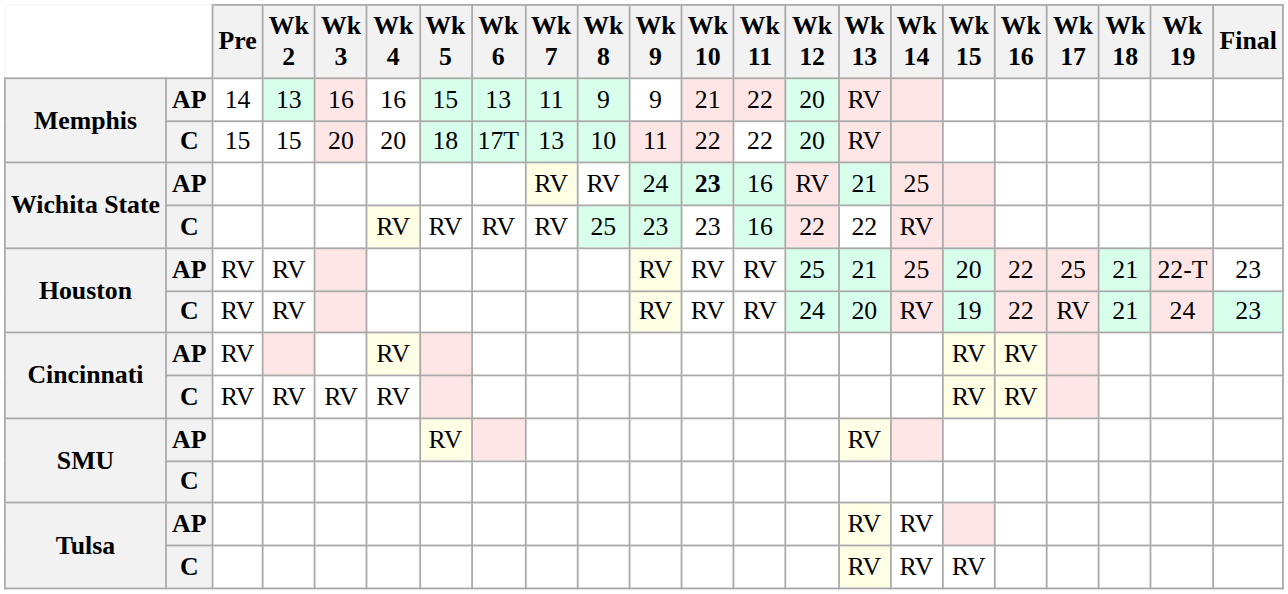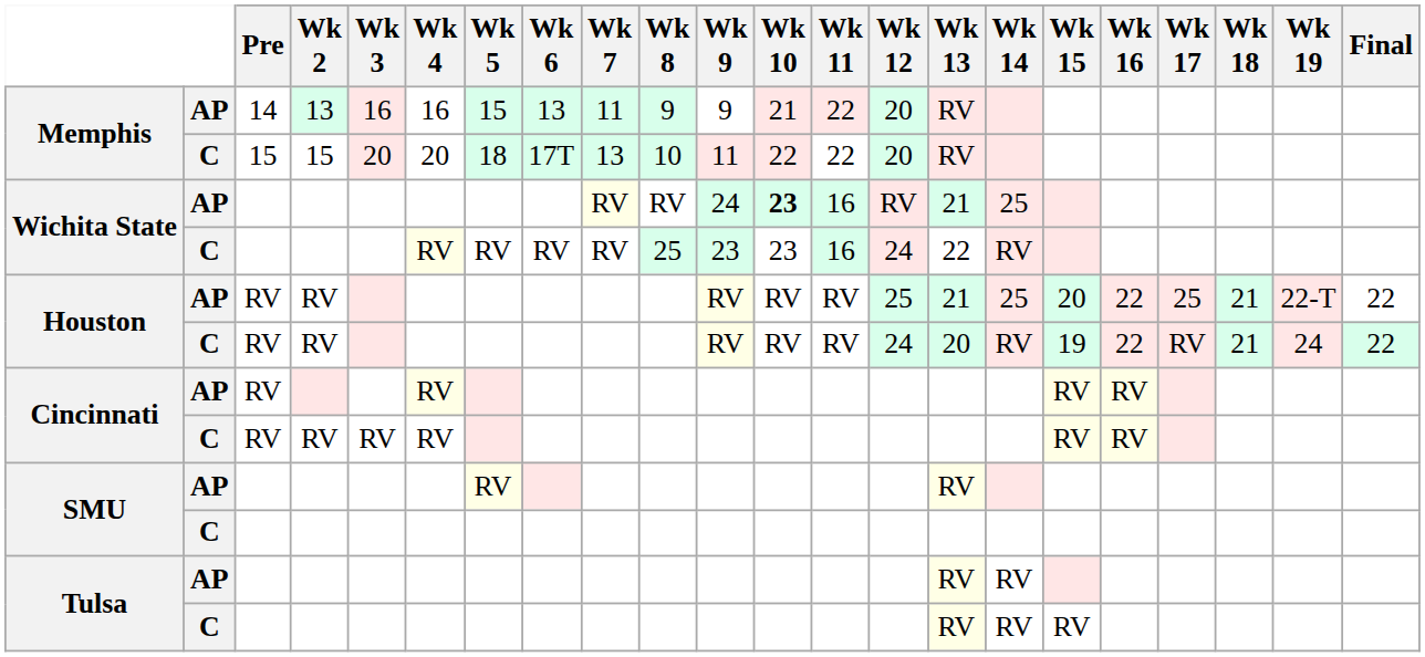 <table class="wikitable" style="white-space:nowrap;font-size:90%;">
 <tr>
 <th colspan=2 style="background:white; border-top-style:hidden; border-left-style:hidden;"> </th>
 <th>Pre</th>
 <th>Wk<br>2</th>
 <th>Wk<br>3</th>
 <th>Wk<br>4</th>
 <th>Wk<br>5</th>
 <th>Wk<br>6</th>
 <th>Wk<br>7</th>
 <th>Wk<br>8</th>
 <th>Wk<br>9</th>
 <th>Wk<br>10</th>
 <th>Wk<br>11</th>
 <th>Wk<br>12</th>
 <th>Wk<br>13</th>
 <th>Wk<br>14</th>
 <th>Wk<br>15</th>
 <th>Wk<br>16</th>
 <th>Wk<br>17</th>
 <th>Wk<br>18</th>
 <th>Wk<br>19</th>
 <th>Final</th>
 </tr>
 <tr style="text-align:center;">
 <th rowspan=2 style=>Memphis</th>
 <th>AP</th>
 <td style="background:#FFF;">14</td>
 <td style="background:#D8FFEB;">13</td>
 <td style="background:#FFE6E6;">16</td>
 <td style="background:#FFF;">16</td>
 <td style="background:#D8FFEB;">15</td>
 <td style="background:#D8FFEB;">13</td>
 <td style="background:#D8FFEB;">11</td>
 <td style="background:#D8FFEB;">9</td>
 <td style="background:#FFF;">9</td>
 <td style="background:#FFE6E6;">21</td>
 <td style="background:#FFE6E6;">22</td>
 <td style="background:#D8FFEB;">20</td>
 <td style="background:#FFE6E6;">RV</td>
 <td style="background:#FFE6E6;"></td>
 <td style="background:#FFF;"></td>
 <td style="background:#FFF;"></td>
 <td style="background:#FFF;"></td>
 <td style="background:#FFF;"></td>
 <td style="background:#FFF;"></td>
 <td style="background:#FFF;"></td>
 </tr>
 <tr style="text-align:center;">
 <th>C</th>
 <td style="background:#FFF;"> 15</td>
 <td style="background:#FFF;">15</td>
 <td style="background:#FFE6E6;">20</td>
 <td style="background:#FFF;">20</td>
 <td style="background:#D8FFEB;">18</td>
 <td style="background:#D8FFEB;">17T</td>
 <td style="background:#D8FFEB;">13</td>
 <td style="background:#D8FFEB;">10</td>
 <td style="background:#FFE6E6;">11</td>
 <td style="background:#FFE6E6;">22</td>
 <td style="background:#FFF;">22</td>
 <td style="background:#D8FFEB;">20</td>
 <td style="background:#FFE6E6;">RV</td>
 <td style="background:#FFE6E6;"></td>
 <td style="background:#FFF;"></td>
 <td style="background:#FFF;"></td>
 <td style="background:#FFF;"></td>
 <td style="background:#FFF;"></td>
 <td style="background:#FFF;"></td>
 <td style="background:#FFF;"></td>
 </tr>
 <tr style="text-align:center;">
 <th rowspan=2 style=>Wichita State</th>
 <th>AP</th>
 <td style="background:#FFF;"></td>
 <td style="background:#FFF;"></td>
 <td style="background:#FFF;"></td>
 <td style="background:#FFF;"></td>
 <td style="background:#FFF;"></td>
 <td style="background:#FFF;"></td>
 <td style="background:#FFFFE6;">RV</td>
 <td style="background:#FFF;">RV</td>
 <td style="background:#D8FFEB;">24</td>
 <td style="background:#D8FFEB;"><strong>23</strong></td>
 <td style="background:#D8FFEB;">16</td>
 <td style="background:#FFE6E6;">RV</td>
 <td style="background:#D8FFEB;">21</td>
 <td style="background:#FFE6E6;">25</td>
 <td style="background:#FFE6E6;"></td>
 <td style="background:#FFF;"></td>
 <td style="background:#FFF;"></td>
 <td style="background:#FFF;"></td>
 <td style="background:#FFF;"></td>
 <td style="background:#FFF;"></td>
 </tr>
 <tr style="text-align:center;">
 <th>C</th>
 <td style="background:#FFF;"></td>
 <td style="background:#FFF;"></td>
 <td style="background:#FFF;"></td>
 <td style="background:#FFFFE6;">RV</td>
 <td style="background:#FFF;">RV</td>
 <td style="background:#FFF;">RV</td>
 <td style="background:#FFF;">RV</td>
 <td style="background:#D8FFEB;">25</td>
 <td style="background:#D8FFEB;">23</td>
 <td style="background:#FFF;">23</td>
 <td style="background:#D8FFEB;">16</td>
-<td style="background:#FFE6E6;">22</td>
+<td style="background:#FFE6E6;">24</td>
 <td style="background:#FFF;">22</td>
 <td style="background:#FFE6E6;">RV</td>
 <td style="background:#FFE6E6;"></td>
 <td style="background:#FFF;"></td>
 <td style="background:#FFF;"></td>
 <td style="background:#FFF;"></td>
 <td style="background:#FFF;"></td>
 <td style="background:#FFF;"></td>
 </tr>
 <tr style="text-align:center;">
 <th rowspan=2 style=>Houston</th>
 <th>AP</th>
 <td style="background:#FFF;"> RV</td>
 <td style="background:#FFF;"> RV</td>
 <td style="background:#FFE6E6;"></td>
 <td style="background:#FFF;"></td>
 <td style="background:#FFF;"></td>
 <td style="background:#FFF;"></td>
 <td style="background:#FFF;"></td>
 <td style="background:#FFF;"></td>
 <td style="background:#FFFFE6;">RV</td>
 <td style="background:#FFF;">RV</td>
 <td style="background:#FFF;">RV</td>
 <td style="background:#D8FFEB;">25</td>
 <td style="background:#D8FFEB;">21</td>
 <td style="background:#FFE6E6;">25</td>
 <td style="background:#D8FFEB;">20</td>
 <td style="background:#FFE6E6;">22</td>
 <td style="background:#FFE6E6;">25</td>
 <td style="background:#D8FFEB;">21</td>
 <td style="background:#FFE6E6;">22-T</td>
-<td style="background:#FFF;">23</td>
+<td style="background:#FFF;">22</td>
 </tr>
 <tr style="text-align:center;">
 <th>C</th>
 <td style="background:#FFF;">RV</td>
 <td style="background:#FFF;">RV</td>
 <td style="background:#FFE6E6;"></td>
 <td style="background:#FFF;"></td>
 <td style="background:#FFF;"></td>
 <td style="background:#FFF;"></td>
 <td style="background:#FFF;"></td>
 <td style="background:#FFF;"></td>
 <td style="background:#FFFFE6;">RV</td>
 <td style="background:#FFF;">RV</td>
 <td style="background:#FFF;">RV</td>
 <td style="background:#D8FFEB;">24</td>
 <td style="background:#D8FFEB;">20</td>
 <td style="background:#FFE6E6;">RV</td>
 <td style="background:#D8FFEB;">19</td>
 <td style="background:#FFE6E6;">22</td>
 <td style="background:#FFE6E6;">RV</td>
 <td style="background:#D8FFEB;">21</td>
 <td style="background:#FFE6E6;">24</td>
-<td style="background:#D8FFEB;">23</td>
+<td style="background:#D8FFEB;">22</td>
 </tr>
 <tr style="text-align:center;">
 <th rowspan=2 style=>Cincinnati</th>
 <th>AP</th>
 <td style="background:#FFF;"> RV</td>
 <td style="background:#FFE6E6;"></td>
 <td style="background:#FFF;"></td>
 <td style="background:#FFFFE6;">RV</td>
 <td style="background:#FFE6E6;"></td>
 <td style="background:#FFF;"></td>
 <td style="background:#FFF;"></td>
 <td style="background:#FFF;"></td>
 <td style="background:#FFF;"></td>
 <td style="background:#FFF;"></td>
 <td style="background:#FFF;"></td>
 <td style="background:#FFF;"></td>
 <td style="background:#FFF;"></td>
 <td style="background:#FFF;"></td>
 <td style="background:#FFFFE6;">RV</td>
 <td style="background:#FFFFE6;">RV</td>
 <td style="background:#FFE6E6;"></td>
 <td style="background:#FFF;"></td>
 <td style="background:#FFF;"></td>
 <td style="background:#FFF;"></td>
 </tr>
 <tr style="text-align:center;">
 <th>C</th>
 <td style="background:#FFF;">RV</td>
 <td style="background:#FFF;">RV</td>
 <td style="background:#FFF;">RV</td>
 <td style="background:#FFF;">RV</td>
 <td style="background:#FFE6E6;"></td>
 <td style="background:#FFF;"></td>
 <td style="background:#FFF;"></td>
 <td style="background:#FFF;"></td>
 <td style="background:#FFF;"></td>
 <td style="background:#FFF;"></td>
 <td style="background:#FFF;"></td>
 <td style="background:#FFF;"></td>
 <td style="background:#FFF;"></td>
 <td style="background:#FFF;"></td>
 <td style="background:#FFFFE6;">RV</td>
 <td style="background:#FFFFE6;">RV</td>
 <td style="background:#FFE6E6"></td>
 <td style="background:#FFF;"></td>
 <td style="background:#FFF;"></td>
 <td style="background:#FFF;"></td>
 </tr>
 <tr style="text-align:center;">
 <th rowspan=2 style=>SMU</th>
 <th>AP</th>
 <td style="background:#FFF;"></td>
 <td style="background:#FFF;"></td>
 <td style="background:#FFF;"></td>
 <td style="background:#FFF;"></td>
 <td style="background:#FFFFE6;">RV</td>
 <td style="background:#FFE6E6;"></td>
 <td style="background:#FFF;"></td>
 <td style="background:#FFF;"></td>
 <td style="background:#FFF;"></td>
 <td style="background:#FFF;"></td>
 <td style="background:#FFF;"></td>
 <td style="background:#FFF;"></td>
 <td style="background:#FFFFE6;">RV</td>
 <td style="background:#FFE6E6;"></td>
 <td style="background:#FFF;"></td>
 <td style="background:#FFF;"></td>
 <td style="background:#FFF;"></td>
 <td style="background:#FFF;"></td>
 <td style="background:#FFF;"></td>
 <td style="background:#FFF;"></td>
 </tr>
 <tr style="text-align:center;">
 <th>C</th>
 <td style="background:#FFF;"></td>
 <td style="background:#FFF;"></td>
 <td style="background:#FFF;"></td>
 <td style="background:#FFF;"></td>
 <td style="background:#FFF;"></td>
 <td style="background:#FFF;"></td>
 <td style="background:#FFF;"></td>
 <td style="background:#FFF;"></td>
 <td style="background:#FFF;"></td>
 <td style="background:#FFF;"></td>
 <td style="background:#FFF;"></td>
 <td style="background:#FFF;"></td>
 <td style="background:#FFF;"></td>
 <td style="background:#FFF;"></td>
 <td style="background:#FFF;"></td>
 <td style="background:#FFF;"></td>
 <td style="background:#FFF;"></td>
 <td style="background:#FFF;"></td>
 <td style="background:#FFF;"></td>
 <td style="background:#FFF;"></td>
 </tr>
 <tr style="text-align:center;">
 <th rowspan=2 style=>Tulsa</th>
 <th>AP</th>
 <td style="background:#FFF;"></td>
 <td style="background:#FFF;"></td>
 <td style="background:#FFF;"></td>
 <td style="background:#FFF;"></td>
 <td style="background:#FFF;"></td>
 <td style="background:#FFF;"></td>
 <td style="background:#FFF;"></td>
 <td style="background:#FFF;"></td>
 <td style="background:#FFF;"></td>
 <td style="background:#FFF;"></td>
 <td style="background:#FFF;"></td>
 <td style="background:#FFF;"></td>
 <td style="background:#FFFFE6;">RV</td>
 <td style="background:#FFF;">RV</td>
 <td style="background:#FFE6E6;"></td>
 <td style="background:#FFF;"></td>
 <td style="background:#FFF;"></td>
 <td style="background:#FFF;"></td>
 <td style="background:#FFF;"></td>
 <td style="background:#FFF;"></td>
 </tr>
 <tr style="text-align:center;">
 <th>C</th>
 <td style="background:#FFF;"></td>
 <td style="background:#FFF;"></td>
 <td style="background:#FFF;"></td>
 <td style="background:#FFF;"></td>
 <td style="background:#FFF;"></td>
 <td style="background:#FFF;"></td>
 <td style="background:#FFF;"></td>
 <td style="background:#FFF;"></td>
 <td style="background:#FFF;"></td>
 <td style="background:#FFF;"></td>
 <td style="background:#FFF;"></td>
 <td style="background:#FFF;"></td>
 <td style="background:#FFFFE6;">RV</td>
 <td style="background:#FFF;">RV</td>
 <td style="background:#FFF;">RV</td>
 <td style="background:#FFF;"></td>
 <td style="background:#FFF;"></td>
 <td style="background:#FFF;"></td>
 <td style="background:#FFF;"></td>
 <td style="background:#FFF;"></td>
 </tr>
 </table>
